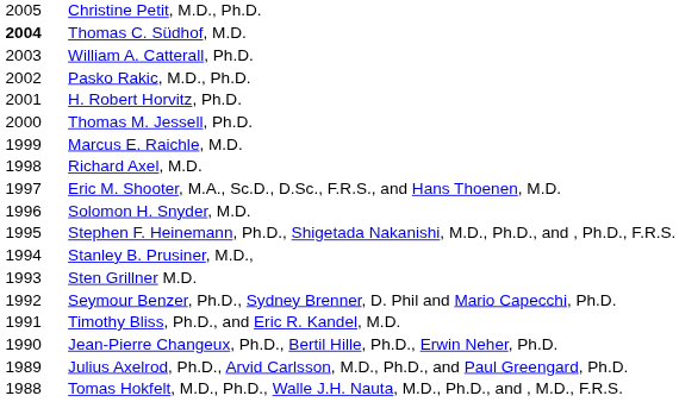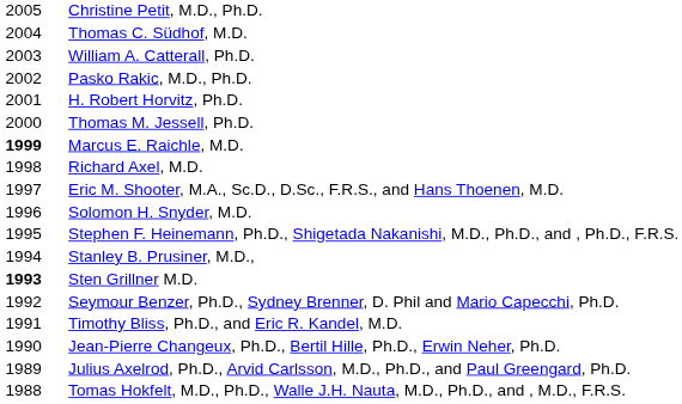 <table>
 <tr>
 <td valign="top">2005</td>
 <td><a href='#'>Christine Petit</a>, M.D., Ph.D.</td>
 </tr>
 <tr>
-<td valign="top"><strong>2004</strong></td>
+<td valign="top">2004</td>
 <td><a href='#'>Thomas C. Südhof</a>, M.D.</td>
 </tr>
 <tr>
 <td valign="top">2003</td>
 <td><a href='#'>William A. Catterall</a>, Ph.D.</td>
 </tr>
 <tr>
 <td valign="top">2002</td>
 <td><a href='#'>Pasko Rakic</a>, M.D., Ph.D.</td>
 </tr>
 <tr>
 <td valign="top">2001</td>
 <td><a href='#'>H. Robert Horvitz</a>, Ph.D.</td>
 </tr>
 <tr>
 <td valign="top">2000</td>
 <td><a href='#'>Thomas M. Jessell</a>, Ph.D.</td>
 </tr>
 <tr>
-<td valign="top">1999</td>
+<td valign="top"><strong>1999</strong></td>
 <td><a href='#'>Marcus E. Raichle</a>, M.D.</td>
 </tr>
 <tr>
 <td valign="top">1998</td>
 <td><a href='#'>Richard Axel</a>, M.D.</td>
 </tr>
 <tr>
 <td valign="top">1997</td>
 <td><a href='#'>Eric M. Shooter</a>, M.A., Sc.D., D.Sc., F.R.S., and <a href='#'>Hans Thoenen</a>, M.D.</td>
 </tr>
 <tr>
 <td valign="top">1996</td>
 <td><a href='#'>Solomon H. Snyder</a>, M.D.</td>
 </tr>
 <tr>
 <td valign="top">1995</td>
 <td><a href='#'>Stephen F. Heinemann</a>, Ph.D., <a href='#'>Shigetada Nakanishi</a>, M.D., Ph.D., and , Ph.D., F.R.S.</td>
 </tr>
 <tr>
 <td valign="top">1994</td>
 <td><a href='#'>Stanley B. Prusiner</a>, M.D.,</td>
 </tr>
 <tr>
-<td valign="top">1993</td>
+<td valign="top"><strong>1993</strong></td>
 <td><a href='#'>Sten Grillner</a> M.D.</td>
 </tr>
 <tr>
 <td valign="top">1992</td>
 <td><a href='#'>Seymour Benzer</a>, Ph.D., <a href='#'>Sydney Brenner</a>, D. Phil and <a href='#'>Mario Capecchi</a>, Ph.D.</td>
 </tr>
 <tr>
 <td valign="top">1991</td>
 <td><a href='#'>Timothy Bliss</a>, Ph.D., and <a href='#'>Eric R. Kandel</a>, M.D.</td>
 </tr>
 <tr>
 <td valign="top">1990</td>
 <td><a href='#'>Jean-Pierre Changeux</a>, Ph.D., <a href='#'>Bertil Hille</a>, Ph.D., <a href='#'>Erwin Neher</a>, Ph.D.</td>
 </tr>
 <tr>
 <td valign="top">1989</td>
 <td><a href='#'>Julius Axelrod</a>, Ph.D., <a href='#'>Arvid Carlsson</a>, M.D., Ph.D., and <a href='#'>Paul Greengard</a>, Ph.D.</td>
 </tr>
 <tr>
 <td valign="top">1988     </td>
 <td><a href='#'>Tomas Hokfelt</a>, M.D., Ph.D., <a href='#'>Walle J.H. Nauta</a>, M.D., Ph.D., and , M.D., F.R.S.</td>
 </tr>
 <tr>
 </tr>
 </table>
